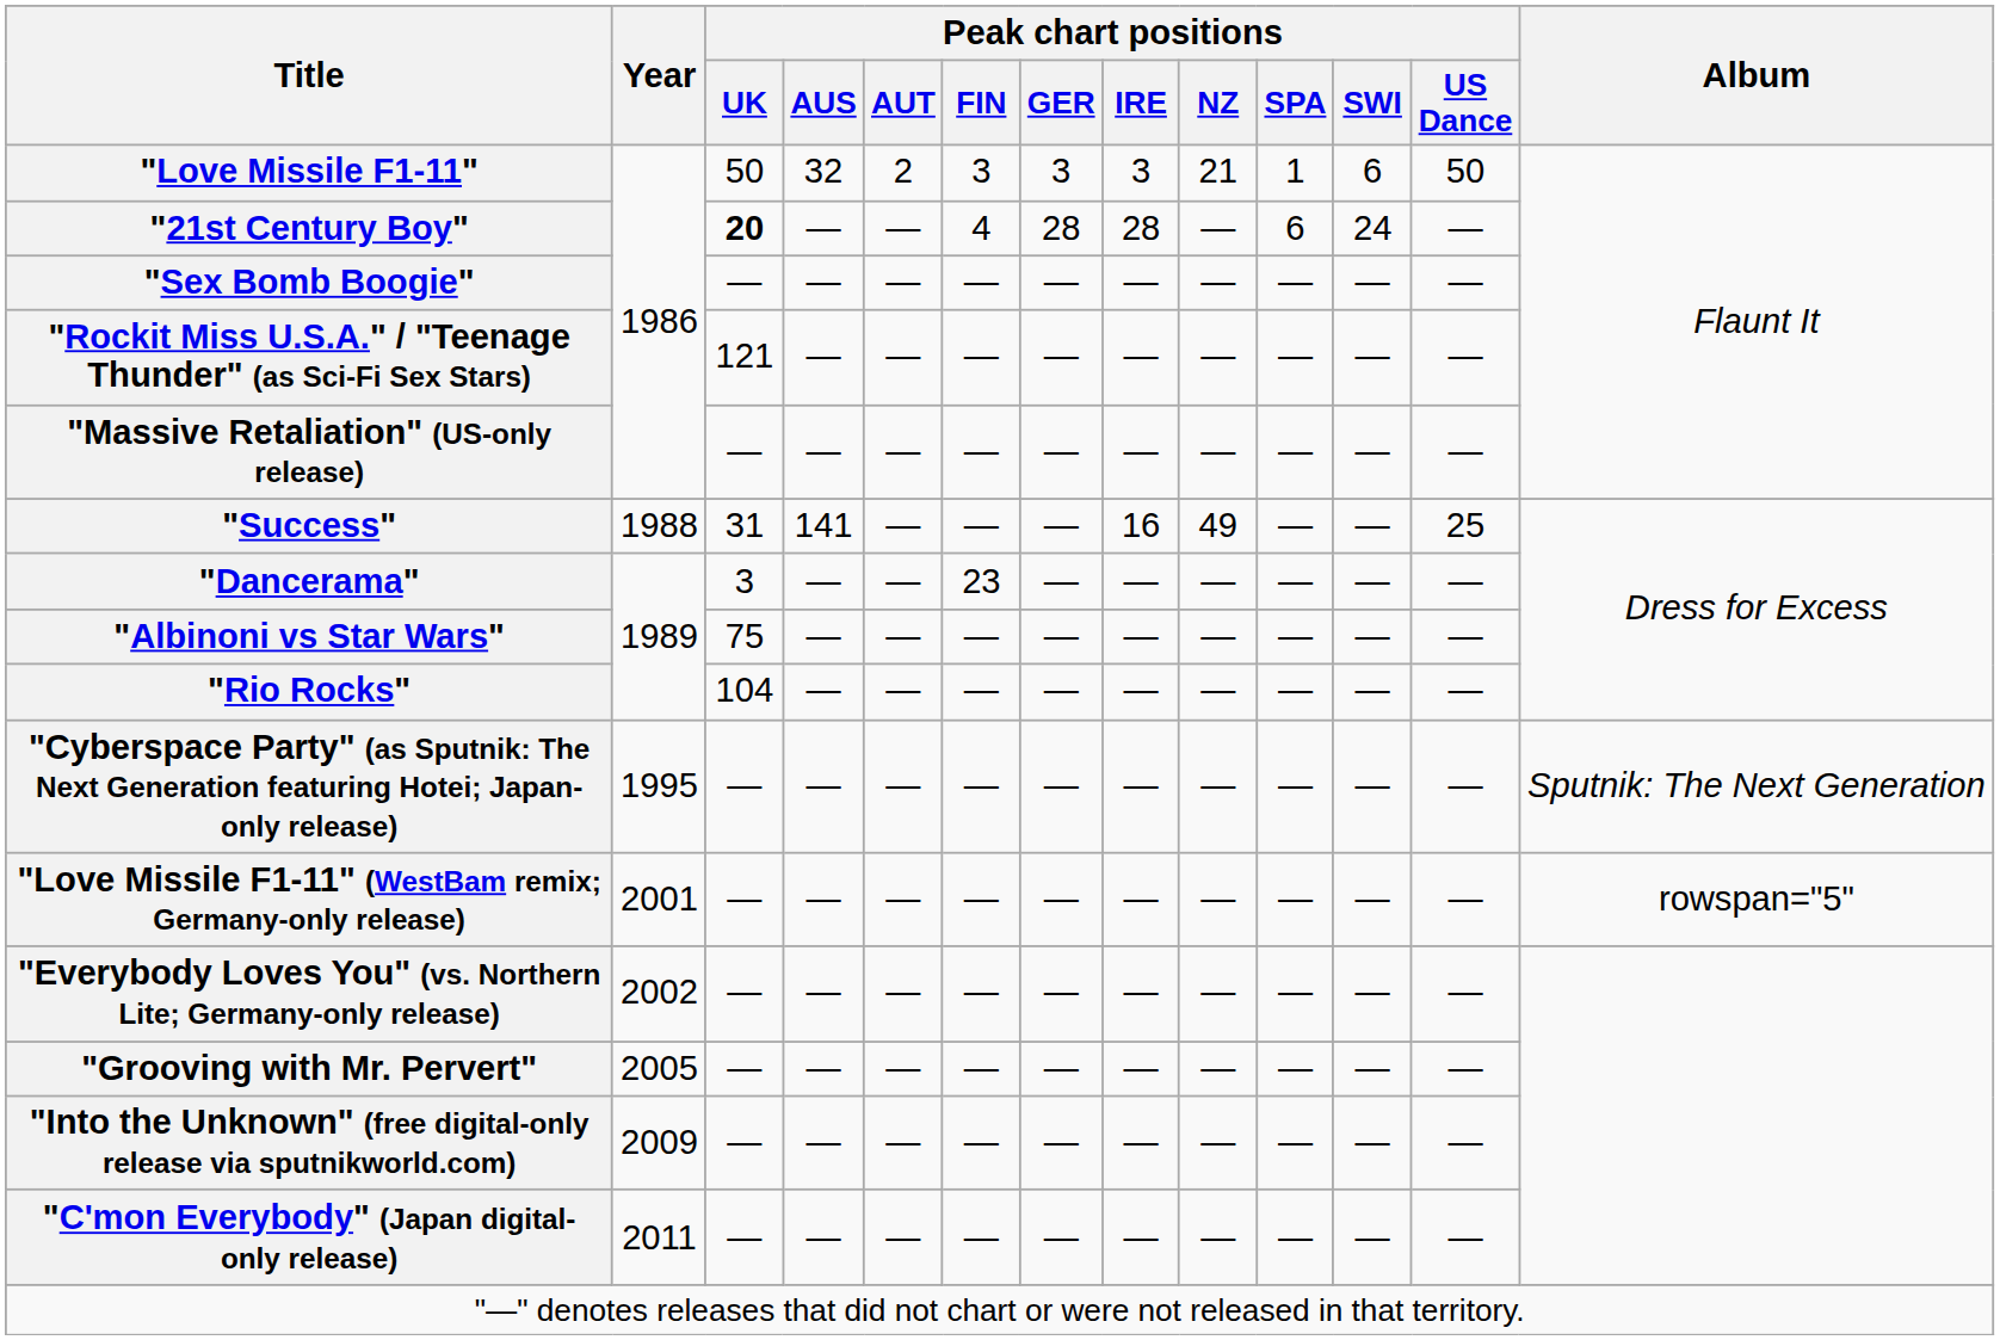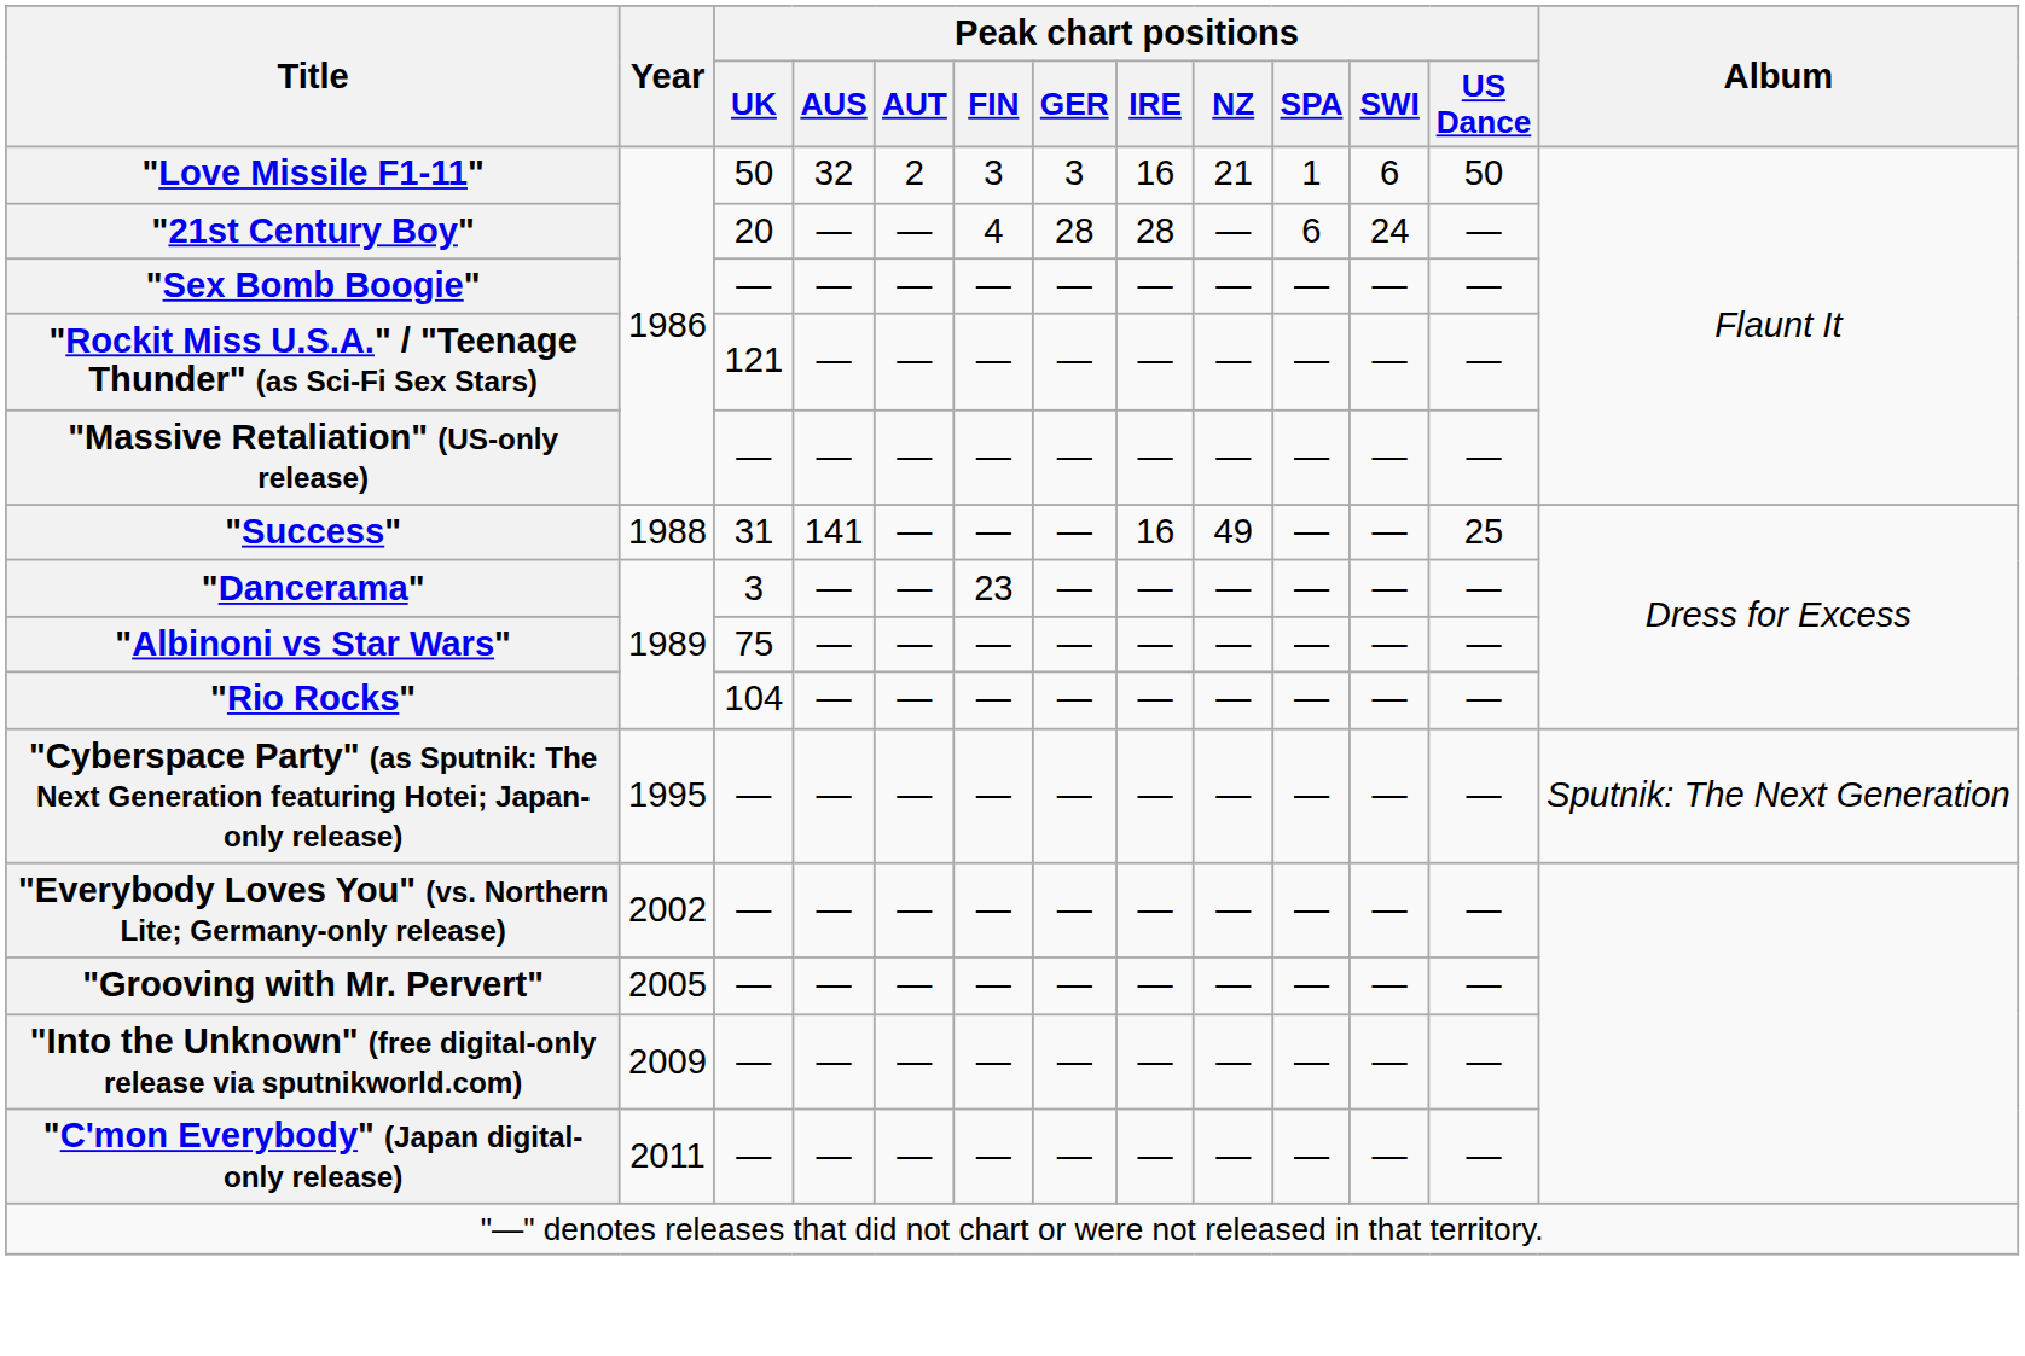 <table class="wikitable plainrowheaders" style="text-align:center;">
 <tr>
 <th rowspan="2" scope="col" style="width:17em;">Title</th>
 <th rowspan="2" scope="col" style="width:2em;">Year</th>
 <th colspan="10">Peak chart positions</th>
 <th rowspan="2">Album</th>
 </tr>
 <tr>
 <th scope="col" style="width:2em;font-size:90%;"><a href='#'>UK</a><br></th>
 <th scope="col" style="width:2em;font-size:90%;"><a href='#'>AUS</a><br></th>
 <th scope="col" style="width:2em;font-size:90%;"><a href='#'>AUT</a><br></th>
 <th scope="col" style="width:2em;font-size:90%;"><a href='#'>FIN</a><br></th>
 <th scope="col" style="width:2em;font-size:90%;"><a href='#'>GER</a><br></th>
 <th scope="col" style="width:2em;font-size:90%;"><a href='#'>IRE</a><br></th>
 <th scope="col" style="width:2em;font-size:90%;"><a href='#'>NZ</a><br></th>
 <th scope="col" style="width:2em;font-size:90%;"><a href='#'>SPA</a><br></th>
 <th scope="col" style="width:2em;font-size:90%;"><a href='#'>SWI</a><br></th>
 <th scope="col" style="width:2em;font-size:90%;"><a href='#'>US Dance</a><br></th>
 </tr>
 <tr>
 <th scope="row">"<a href='#'>Love Missile F1-11</a>"</th>
 <td rowspan="5">1986</td>
 <td>50</td>
 <td>32</td>
 <td>2</td>
 <td>3</td>
 <td>3</td>
-<td>3</td>
+<td>16</td>
 <td>21</td>
 <td>1</td>
 <td>6</td>
 <td>50</td>
 <td rowspan="5"><em>Flaunt It</em></td>
 </tr>
 <tr>
 <th scope="row">"<a href='#'>21st Century Boy</a>"</th>
-<td><strong>20</strong></td>
+<td>20</td>
 <td>—</td>
 <td>—</td>
 <td>4</td>
 <td>28</td>
 <td>28</td>
 <td>—</td>
 <td>6</td>
 <td>24</td>
 <td>—</td>
 </tr>
 <tr>
 <th scope="row">"<a href='#'>Sex Bomb Boogie</a>"</th>
 <td>—</td>
 <td>—</td>
 <td>—</td>
 <td>—</td>
 <td>—</td>
 <td>—</td>
 <td>—</td>
 <td>—</td>
 <td>—</td>
 <td>—</td>
 </tr>
 <tr>
 <th scope="row">"<a href='#'>Rockit Miss U.S.A.</a>" / "Teenage Thunder" <small>(as Sci-Fi Sex Stars)</small></th>
 <td>121</td>
 <td>—</td>
 <td>—</td>
 <td>—</td>
 <td>—</td>
 <td>—</td>
 <td>—</td>
 <td>—</td>
 <td>—</td>
 <td>—</td>
 </tr>
 <tr>
 <th scope="row">"Massive Retaliation" <small>(US-only release)</small></th>
 <td>—</td>
 <td>—</td>
 <td>—</td>
 <td>—</td>
 <td>—</td>
 <td>—</td>
 <td>—</td>
 <td>—</td>
 <td>—</td>
 <td>—</td>
 </tr>
 <tr>
 <th scope="row">"<a href='#'>Success</a>"</th>
 <td>1988</td>
 <td>31</td>
 <td>141</td>
 <td>—</td>
 <td>—</td>
 <td>—</td>
 <td>16</td>
 <td>49</td>
 <td>—</td>
 <td>—</td>
 <td>25</td>
 <td rowspan="4"><em>Dress for Excess</em></td>
 </tr>
 <tr>
 <th scope="row">"<a href='#'>Dancerama</a>"</th>
 <td rowspan="3">1989</td>
 <td>3</td>
 <td>—</td>
 <td>—</td>
 <td>23</td>
 <td>—</td>
 <td>—</td>
 <td>—</td>
 <td>—</td>
 <td>—</td>
 <td>—</td>
 </tr>
 <tr>
 <th scope="row">"<a href='#'>Albinoni vs Star Wars</a>"</th>
 <td>75</td>
 <td>—</td>
 <td>—</td>
 <td>—</td>
 <td>—</td>
 <td>—</td>
 <td>—</td>
 <td>—</td>
 <td>—</td>
 <td>—</td>
 </tr>
 <tr>
 <th scope="row">"<a href='#'>Rio Rocks</a>"</th>
 <td>104</td>
 <td>—</td>
 <td>—</td>
 <td>—</td>
 <td>—</td>
 <td>—</td>
 <td>—</td>
 <td>—</td>
 <td>—</td>
 <td>—</td>
 </tr>
 <tr>
 <th scope="row">"Cyberspace Party" <small>(as Sputnik: The Next Generation featuring Hotei; Japan-only release)</small></th>
 <td>1995</td>
 <td>—</td>
 <td>—</td>
 <td>—</td>
 <td>—</td>
 <td>—</td>
 <td>—</td>
 <td>—</td>
 <td>—</td>
 <td>—</td>
 <td>—</td>
 <td><em>Sputnik: The Next Generation</em></td>
 </tr>
 <tr>
-<th scope="row">"Love Missile F1-11" <small>(<a href='#'>WestBam</a> remix; Germany-only release)</small></th>
-<td>2001</td>
-<td>—</td>
-<td>—</td>
-<td>—</td>
-<td>—</td>
-<td>—</td>
-<td>—</td>
-<td>—</td>
-<td>—</td>
-<td>—</td>
-<td>—</td>
-<td>rowspan="5" </td>
-</tr>
-<tr>
 <th scope="row">"Everybody Loves You" <small>(vs. Northern Lite; Germany-only release)</small></th>
 <td>2002</td>
 <td>—</td>
 <td>—</td>
 <td>—</td>
 <td>—</td>
 <td>—</td>
 <td>—</td>
 <td>—</td>
 <td>—</td>
 <td>—</td>
 <td>—</td>
 </tr>
 <tr>
 <th scope="row">"Grooving with Mr. Pervert"</th>
 <td>2005</td>
 <td>—</td>
 <td>—</td>
 <td>—</td>
 <td>—</td>
 <td>—</td>
 <td>—</td>
 <td>—</td>
 <td>—</td>
 <td>—</td>
 <td>—</td>
 </tr>
 <tr>
 <th scope="row">"Into the Unknown" <small>(free digital-only release via sputnikworld.com)</small></th>
 <td>2009</td>
 <td>—</td>
 <td>—</td>
 <td>—</td>
 <td>—</td>
 <td>—</td>
 <td>—</td>
 <td>—</td>
 <td>—</td>
 <td>—</td>
 <td>—</td>
 </tr>
 <tr>
 <th scope="row">"<a href='#'>C'mon Everybody</a>" <small>(Japan digital-only release)</small></th>
 <td>2011</td>
 <td>—</td>
 <td>—</td>
 <td>—</td>
 <td>—</td>
 <td>—</td>
 <td>—</td>
 <td>—</td>
 <td>—</td>
 <td>—</td>
 <td>—</td>
 </tr>
 <tr>
 <td colspan="13" style="font-size:90%">"—" denotes releases that did not chart or were not released in that territory.</td>
 </tr>
 </table>
